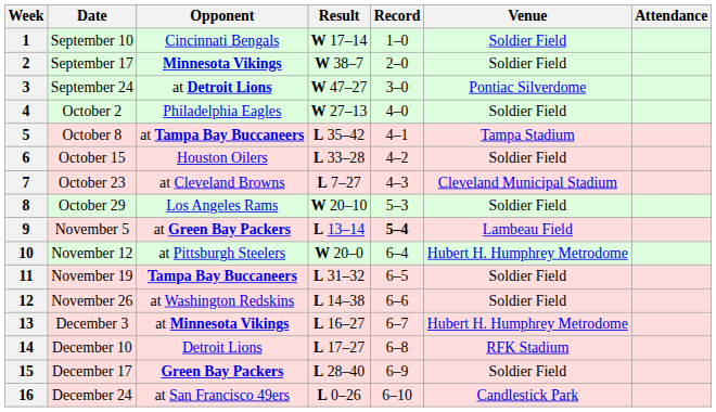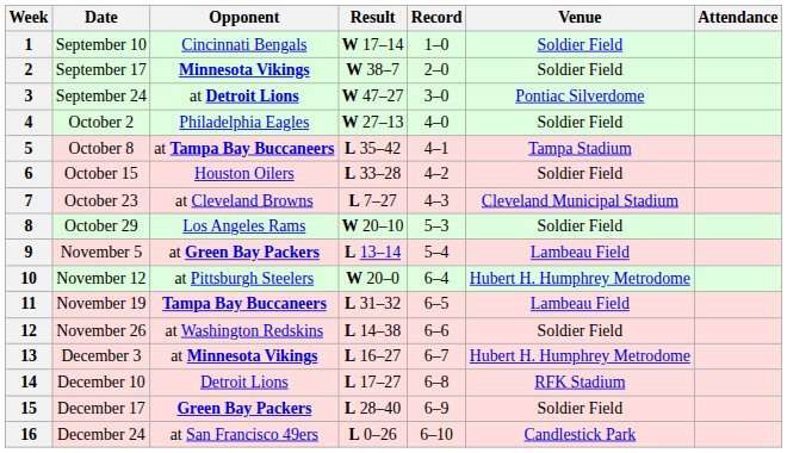 <table class="wikitable" align="center">
 <tr>
 <th>Week</th>
 <th>Date</th>
 <th>Opponent</th>
 <th>Result</th>
 <th>Record</th>
 <th>Venue</th>
 <th>Attendance</th>
 </tr>
 <tr style="background: #ddffdd;" align="center">
 <th>1</th>
 <td>September 10</td>
 <td><a href='#'>Cincinnati Bengals</a></td>
 <td><strong>W</strong> 17–14</td>
 <td>1–0</td>
 <td><a href='#'>Soldier Field</a></td>
 <td></td>
 </tr>
 <tr style="background: #ddffdd;" align="center">
 <th>2</th>
 <td>September 17</td>
 <td><strong><a href='#'>Minnesota Vikings</a></strong></td>
 <td><strong>W</strong> 38–7</td>
 <td>2–0</td>
 <td>Soldier Field</td>
 <td></td>
 </tr>
 <tr style="background: #ddffdd;" align="center">
 <th>3</th>
 <td>September 24</td>
 <td>at <strong><a href='#'>Detroit Lions</a></strong></td>
 <td><strong>W</strong> 47–27</td>
 <td>3–0</td>
 <td><a href='#'>Pontiac Silverdome</a></td>
 <td></td>
 </tr>
 <tr style="background: #ddffdd;" align="center">
 <th>4</th>
 <td>October 2</td>
 <td><a href='#'>Philadelphia Eagles</a></td>
 <td><strong>W</strong> 27–13</td>
 <td>4–0</td>
 <td>Soldier Field</td>
 <td></td>
 </tr>
 <tr style="background: #ffdddd;" align="center">
 <th>5</th>
 <td>October 8</td>
 <td>at <strong><a href='#'>Tampa Bay Buccaneers</a></strong></td>
 <td><strong>L</strong> 35–42</td>
 <td>4–1</td>
 <td><a href='#'>Tampa Stadium</a></td>
 <td></td>
 </tr>
 <tr style="background: #ffdddd;" align="center">
 <th>6</th>
 <td>October 15</td>
 <td><a href='#'>Houston Oilers</a></td>
 <td><strong>L</strong> 33–28</td>
 <td>4–2</td>
 <td>Soldier Field</td>
 <td></td>
 </tr>
 <tr style="background: #ffdddd;" align="center">
 <th>7</th>
 <td>October 23</td>
 <td>at <a href='#'>Cleveland Browns</a></td>
 <td><strong>L</strong> 7–27</td>
 <td>4–3</td>
 <td><a href='#'>Cleveland Municipal Stadium</a></td>
 <td></td>
 </tr>
 <tr style="background: #ddffdd;" align="center">
 <th>8</th>
 <td>October 29</td>
 <td><a href='#'>Los Angeles Rams</a></td>
 <td><strong>W</strong> 20–10</td>
 <td>5–3</td>
 <td>Soldier Field</td>
 <td></td>
 </tr>
 <tr style="background: #ffdddd;" align="center">
 <th>9</th>
 <td>November 5</td>
 <td>at <strong><a href='#'>Green Bay Packers</a></strong></td>
 <td><strong>L</strong> <a href='#'>13–14</a></td>
-<td><strong>5–4</strong></td>
+<td>5–4</td>
 <td><a href='#'>Lambeau Field</a></td>
 <td></td>
 </tr>
 <tr style="background: #ddffdd;" align="center">
 <th>10</th>
 <td>November 12</td>
 <td>at <a href='#'>Pittsburgh Steelers</a></td>
 <td><strong>W</strong> 20–0</td>
 <td>6–4</td>
 <td><a href='#'>Hubert H. Humphrey Metrodome</a></td>
 <td></td>
 </tr>
 <tr style="background: #ffdddd;" align="center">
 <th>11</th>
 <td>November 19</td>
 <td><strong><a href='#'>Tampa Bay Buccaneers</a></strong></td>
 <td><strong>L</strong> 31–32</td>
 <td>6–5</td>
-<td>Soldier Field</td>
+<td><a href='#'>Lambeau Field</a></td>
 <td></td>
 </tr>
 <tr style="background: #ffdddd;" align="center">
 <th>12</th>
 <td>November 26</td>
 <td>at <a href='#'>Washington Redskins</a></td>
 <td><strong>L</strong> 14–38</td>
 <td>6–6</td>
 <td>Soldier Field</td>
 <td></td>
 </tr>
 <tr style="background: #ffdddd;" align="center">
 <th>13</th>
 <td>December 3</td>
 <td>at <strong><a href='#'>Minnesota Vikings</a></strong></td>
 <td><strong>L</strong> 16–27</td>
 <td>6–7</td>
 <td><a href='#'>Hubert H. Humphrey Metrodome</a></td>
 <td></td>
 </tr>
 <tr style="background: #ffdddd;" align="center">
 <th>14</th>
 <td>December 10</td>
 <td><a href='#'>Detroit Lions</a></td>
 <td><strong>L</strong> 17–27</td>
 <td>6–8</td>
 <td><a href='#'>RFK Stadium</a></td>
 <td></td>
 </tr>
 <tr style="background: #ffdddd;" align="center">
 <th>15</th>
 <td>December 17</td>
 <td><strong><a href='#'>Green Bay Packers</a></strong></td>
 <td><strong>L</strong> 28–40</td>
 <td>6–9</td>
 <td>Soldier Field</td>
 <td></td>
 </tr>
 <tr style="background: #ffdddd;" align="center">
 <th>16</th>
 <td>December 24</td>
 <td>at <a href='#'>San Francisco 49ers</a></td>
 <td><strong>L</strong> 0–26</td>
 <td>6–10</td>
 <td><a href='#'>Candlestick Park</a></td>
 <td></td>
 </tr>
 </table>
